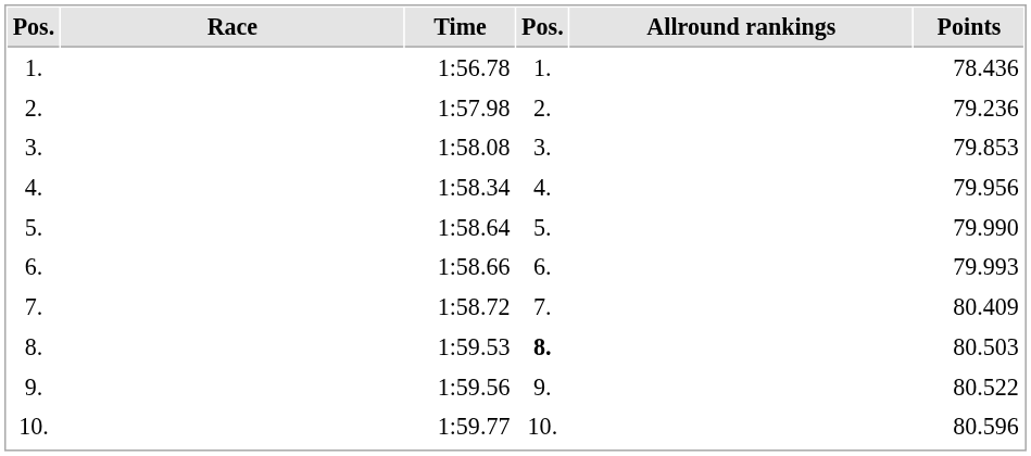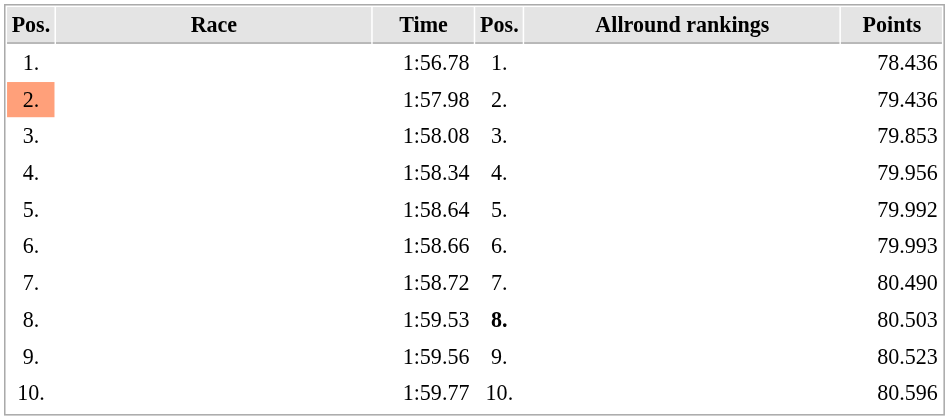 <table cellspacing="1" cellpadding="3" style="border:1px solid #AAAAAA;font-size:90%">
 <tr bgcolor="#E4E4E4">
 <th style="border-bottom:1px solid #AAAAAA" width=10>Pos.</th>
 <th style="border-bottom:1px solid #AAAAAA" width=200>Race</th>
 <th style="border-bottom:1px solid #AAAAAA" width=60>Time</th>
 <th style="border-bottom:1px solid #AAAAAA" width=10>Pos.</th>
 <th style="border-bottom:1px solid #AAAAAA" width=200>Allround rankings</th>
 <th style="border-bottom:1px solid #AAAAAA" width=60>Points</th>
 </tr>
 <tr>
 <td align="center">1.</td>
 <td></td>
 <td align="right">1:56.78</td>
 <td align="center">1.</td>
 <td></td>
 <td align="right">78.436</td>
 </tr>
 <tr>
-<td align="center">2.</td>
+<td align="center" style="background: lightsalmon;">2.</td>
 <td></td>
 <td align="right">1:57.98</td>
 <td align="center">2.</td>
 <td></td>
-<td align="right">79.236</td>
+<td align="right">79.436</td>
 </tr>
 <tr>
 <td align="center">3.</td>
 <td></td>
 <td align="right">1:58.08</td>
 <td align="center">3.</td>
 <td></td>
 <td align="right">79.853</td>
 </tr>
 <tr>
 <td align="center">4.</td>
 <td></td>
 <td align="right">1:58.34</td>
 <td align="center">4.</td>
 <td></td>
 <td align="right">79.956</td>
 </tr>
 <tr>
 <td align="center">5.</td>
 <td></td>
 <td align="right">1:58.64</td>
 <td align="center">5.</td>
 <td></td>
-<td align="right">79.990</td>
+<td align="right">79.992</td>
 </tr>
 <tr>
 <td align="center">6.</td>
 <td></td>
 <td align="right">1:58.66</td>
 <td align="center">6.</td>
 <td></td>
 <td align="right">79.993</td>
 </tr>
 <tr>
 <td align="center">7.</td>
 <td></td>
 <td align="right">1:58.72</td>
 <td align="center">7.</td>
 <td></td>
-<td align="right">80.409</td>
+<td align="right">80.490</td>
 </tr>
 <tr>
 <td align="center">8.</td>
 <td></td>
 <td align="right">1:59.53</td>
 <td align="center"><strong>8.</strong></td>
 <td></td>
 <td align="right">80.503</td>
 </tr>
 <tr>
 <td align="center">9.</td>
 <td></td>
 <td align="right">1:59.56</td>
 <td align="center">9.</td>
 <td></td>
-<td align="right">80.522</td>
+<td align="right">80.523</td>
 </tr>
 <tr>
 <td align="center">10.</td>
 <td></td>
 <td align="right">1:59.77</td>
 <td align="center">10.</td>
 <td></td>
 <td align="right">80.596</td>
 </tr>
 <tr>
 </tr>
 </table>
